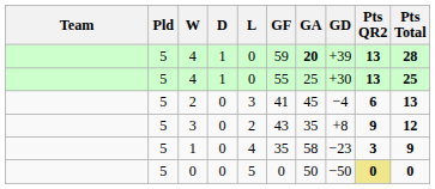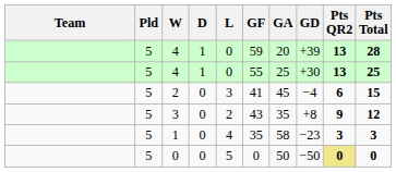 <table class="wikitable" style="text-align:center;">
 <tr>
 <th width=150>Team</th>
 <th width=25>Pld</th>
 <th width=25>W</th>
 <th width=25>D</th>
 <th width=25>L</th>
 <th width=25>GF</th>
 <th width=25>GA</th>
 <th width=25>GD</th>
 <th width=30>Pts QR2</th>
 <th width=30>Pts Total</th>
 </tr>
 <tr bgcolor=#CCFFCC>
 <td align="left"></td>
 <td>5</td>
 <td>4</td>
 <td>1</td>
 <td>0</td>
 <td>59</td>
-<td><strong>20</strong></td>
+<td>20</td>
 <td>+39</td>
 <td><strong>13</strong></td>
 <td><strong>28</strong></td>
 </tr>
 <tr bgcolor=#CCFFCC>
 <td align="left"></td>
 <td>5</td>
 <td>4</td>
 <td>1</td>
 <td>0</td>
 <td>55</td>
 <td>25</td>
 <td>+30</td>
 <td><strong>13</strong></td>
 <td><strong>25</strong></td>
 </tr>
 <tr>
 <td align="left"></td>
 <td>5</td>
 <td>2</td>
 <td>0</td>
 <td>3</td>
 <td>41</td>
 <td>45</td>
 <td>−4</td>
 <td><strong>6</strong></td>
-<td><strong>13</strong></td>
+<td><strong>15</strong></td>
 </tr>
 <tr>
 <td align="left"></td>
 <td>5</td>
 <td>3</td>
 <td>0</td>
 <td>2</td>
 <td>43</td>
 <td>35</td>
 <td>+8</td>
 <td><strong>9</strong></td>
 <td><strong>12</strong></td>
 </tr>
 <tr>
 <td align="left"></td>
 <td>5</td>
 <td>1</td>
 <td>0</td>
 <td>4</td>
 <td>35</td>
 <td>58</td>
 <td>−23</td>
 <td><strong>3</strong></td>
-<td><strong>9</strong></td>
+<td><strong>3</strong></td>
 </tr>
 <tr>
 <td align="left"></td>
 <td>5</td>
 <td>0</td>
 <td>0</td>
 <td>5</td>
 <td>0</td>
 <td>50</td>
 <td>−50</td>
 <td style="background: khaki;"><strong>0</strong></td>
 <td><strong>0</strong></td>
 </tr>
 </table>
